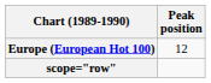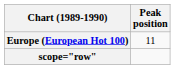 <table class="wikitable sortable plainrowheaders">
 <tr>
 <th>Chart (1989-1990)</th>
 <th>Peak<br>position</th>
 </tr>
 <tr>
 <th scope="row">Europe (<a href='#'>European Hot 100</a>)</th>
-<td align="center">12</td>
+<td align="center">11</td>
 </tr>
 <tr>
 <th>scope="row"</th>
 </tr>
 </table>
